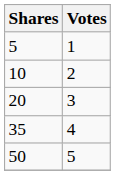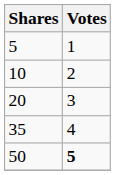 <table class="wikitable">
 <tr>
 <th>Shares</th>
 <th>Votes</th>
 </tr>
 <tr>
 <td>5</td>
 <td>1</td>
 </tr>
 <tr>
 <td>10</td>
 <td>2</td>
 </tr>
 <tr>
 <td>20</td>
 <td>3</td>
 </tr>
 <tr>
 <td>35</td>
 <td>4</td>
 </tr>
 <tr>
 <td>50</td>
-<td>5</td>
+<td><strong>5</strong></td>
 </tr>
 <tr>
 </tr>
 </table>
